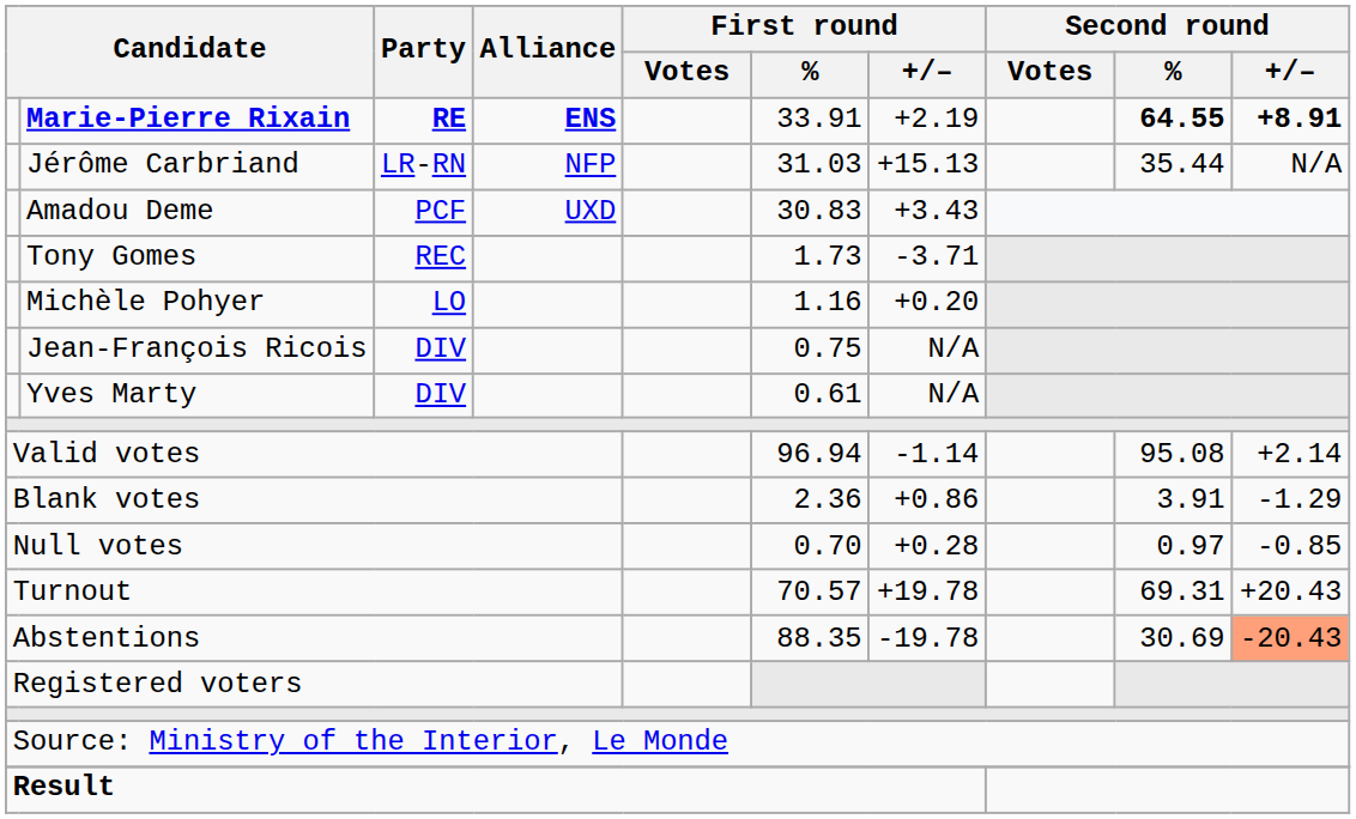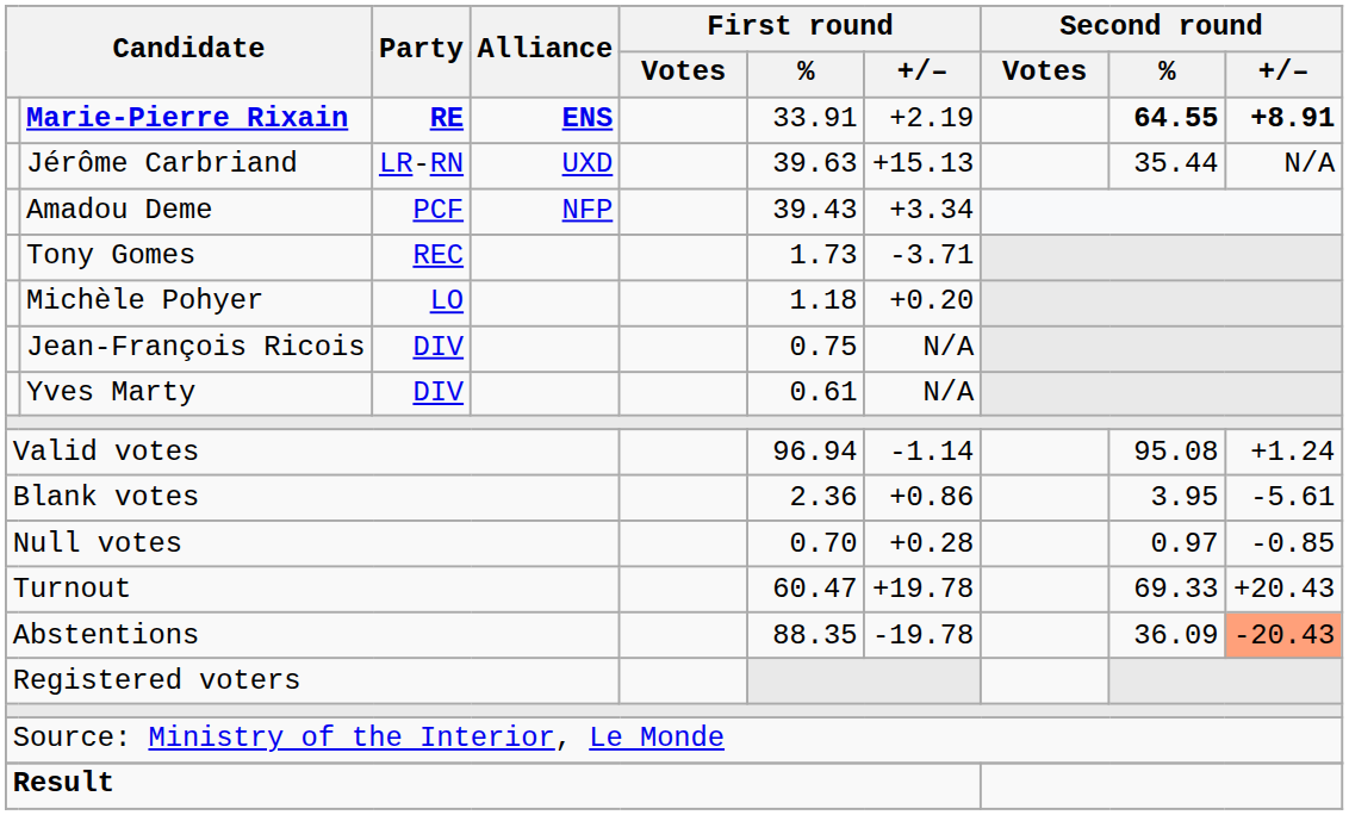 <table class="wikitable" style="text-align:right;font-size:95%;">
 <tr>
 <th rowspan="2" colspan="2">Candidate</th>
 <th rowspan="2">Party</th>
 <th rowspan="2">Alliance</th>
 <th colspan="3">First round</th>
 <th colspan="3">Second round</th>
 </tr>
 <tr>
 <th style="width:50px;">Votes</th>
 <th style="width:45px;">%</th>
 <th style="width:45px;">+/–</th>
 <th style="width:50px;">Votes</th>
 <th style="width:45px;">%</th>
 <th style="width:45px;">+/–</th>
 </tr>
 <tr>
 <td style="color:inherit;background:"></td>
 <td style="text-align:left;"><strong><a href='#'>Marie-Pierre Rixain</a></strong></td>
 <td><a href='#'><strong>RE</strong></a></td>
 <td><a href='#'><strong>ENS</strong></a></td>
 <td></td>
 <td>33.91</td>
 <td>+2.19</td>
 <td><strong></strong></td>
 <td><strong>64.55</strong></td>
 <td><strong>+8.91</strong></td>
 </tr>
 <tr>
 <td style="color:inherit;background:"></td>
 <td style="text-align:left;">Jérôme Carbriand</td>
 <td><a href='#'>LR</a>-<a href='#'>RN</a></td>
-<td><a href='#'>NFP</a></td>
+<td><a href='#'>UXD</a></td>
 <td></td>
-<td>31.03</td>
+<td>39.63</td>
 <td>+15.13</td>
 <td></td>
 <td>35.44</td>
 <td>N/A</td>
 </tr>
 <tr>
 <td style="color:inherit;background:"></td>
 <td style="text-align:left;">Amadou Deme</td>
 <td><a href='#'>PCF</a></td>
-<td><a href='#'>UXD</a></td>
+<td><a href='#'>NFP</a></td>
 <td></td>
-<td>30.83</td>
-<td>+3.43</td>
+<td>39.43</td>
+<td>+3.34</td>
 <td colspan="3" style="background:#F8F9FA;"></td>
 </tr>
 <tr>
 <td style="color:inherit;background:"></td>
 <td style="text-align:left;">Tony Gomes</td>
 <td><a href='#'>REC</a></td>
 <td></td>
 <td></td>
 <td>1.73</td>
 <td>-3.71</td>
 <td colspan="3" style="background:#E9E9E9;"></td>
 </tr>
 <tr>
 <td style="color:inherit;background:"></td>
 <td style="text-align:left;">Michèle Pohyer</td>
 <td><a href='#'>LO</a></td>
 <td></td>
 <td></td>
-<td>1.16</td>
+<td>1.18</td>
 <td>+0.20</td>
 <td colspan="3" style="background:#E9E9E9;"></td>
 </tr>
 <tr>
 <td style="color:inherit;background:"></td>
 <td style="text-align:left;">Jean-François Ricois</td>
 <td><a href='#'>DIV</a></td>
 <td></td>
 <td></td>
 <td>0.75</td>
 <td>N/A</td>
 <td colspan="3" style="background:#E9E9E9;"></td>
 </tr>
 <tr>
 <td style="color:inherit;background:"></td>
 <td style="text-align:left;">Yves Marty</td>
 <td><a href='#'>DIV</a></td>
 <td></td>
 <td></td>
 <td>0.61</td>
 <td>N/A</td>
 <td colspan="3" style="background:#E9E9E9;"></td>
 </tr>
 <tr>
 <td colspan="10" style="background:#E9E9E9;"></td>
 </tr>
 <tr>
 <td colspan="4" style="text-align:left;">Valid votes</td>
 <td></td>
 <td>96.94</td>
 <td>-1.14</td>
 <td></td>
 <td>95.08</td>
-<td>+2.14</td>
+<td>+1.24</td>
 </tr>
 <tr>
 <td colspan="4" style="text-align:left;">Blank votes</td>
 <td></td>
 <td>2.36</td>
 <td>+0.86</td>
 <td></td>
-<td>3.91</td>
-<td>-1.29</td>
+<td>3.95</td>
+<td>-5.61</td>
 </tr>
 <tr>
 <td colspan="4" style="text-align:left;">Null votes</td>
 <td></td>
 <td>0.70</td>
 <td>+0.28</td>
 <td></td>
 <td>0.97</td>
 <td>-0.85</td>
 </tr>
 <tr>
 <td colspan="4" style="text-align:left;">Turnout</td>
 <td></td>
-<td>70.57</td>
+<td>60.47</td>
 <td>+19.78</td>
 <td></td>
-<td>69.31</td>
+<td>69.33</td>
 <td>+20.43</td>
 </tr>
 <tr>
 <td colspan="4" style="text-align:left;">Abstentions</td>
 <td></td>
 <td>88.35</td>
 <td>-19.78</td>
 <td></td>
-<td>30.69</td>
+<td>36.09</td>
 <td style="background: lightsalmon;">-20.43</td>
 </tr>
 <tr>
 <td colspan="4" style="text-align:left;">Registered voters</td>
 <td></td>
 <td colspan="2" style="background:#E9E9E9;"></td>
 <td></td>
 <td colspan="2" style="background:#E9E9E9;"></td>
 </tr>
 <tr>
 <td colspan="10" style="background:#E9E9E9;"></td>
 </tr>
 <tr>
 <td colspan="10" style="text-align:left;">Source: <a href='#'>Ministry of the Interior</a>, <a href='#'>Le Monde</a></td>
 </tr>
 <tr>
 </tr>
 <tr style="font-weight:bold">
 <td colspan="7" style="text-align:left;">Result</td>
 <td colspan="7" style="background-color:"></td>
 </tr>
 </table>
